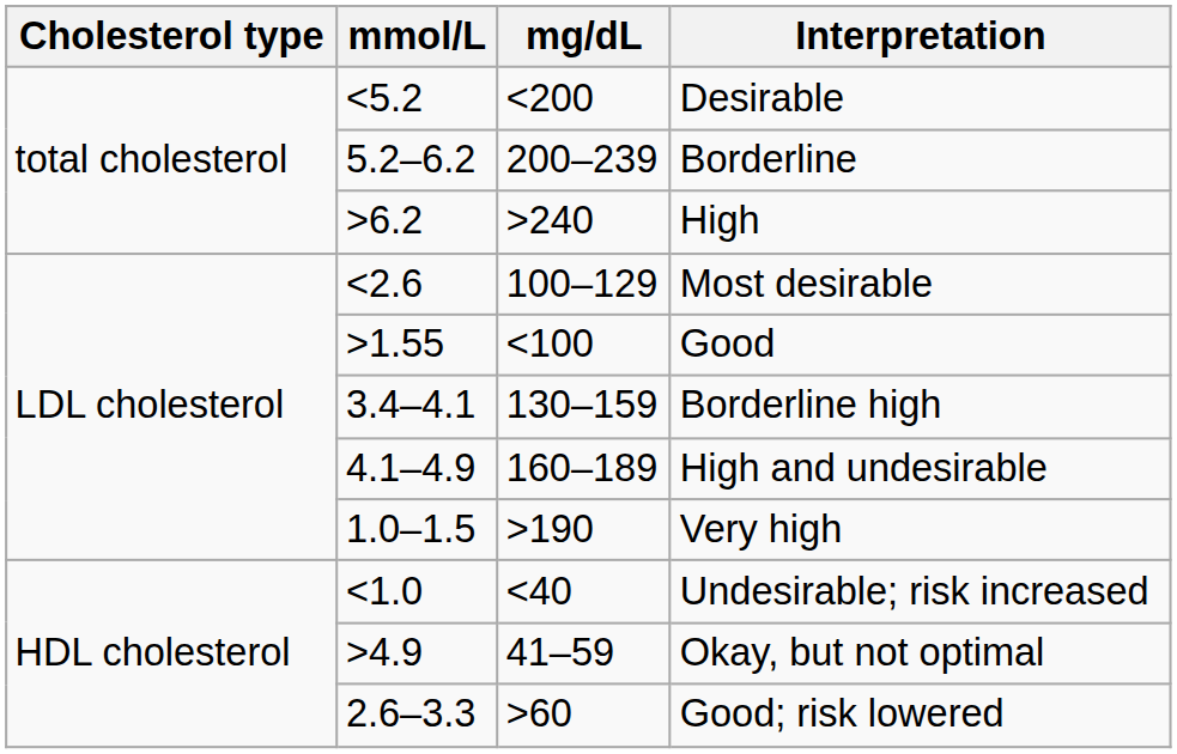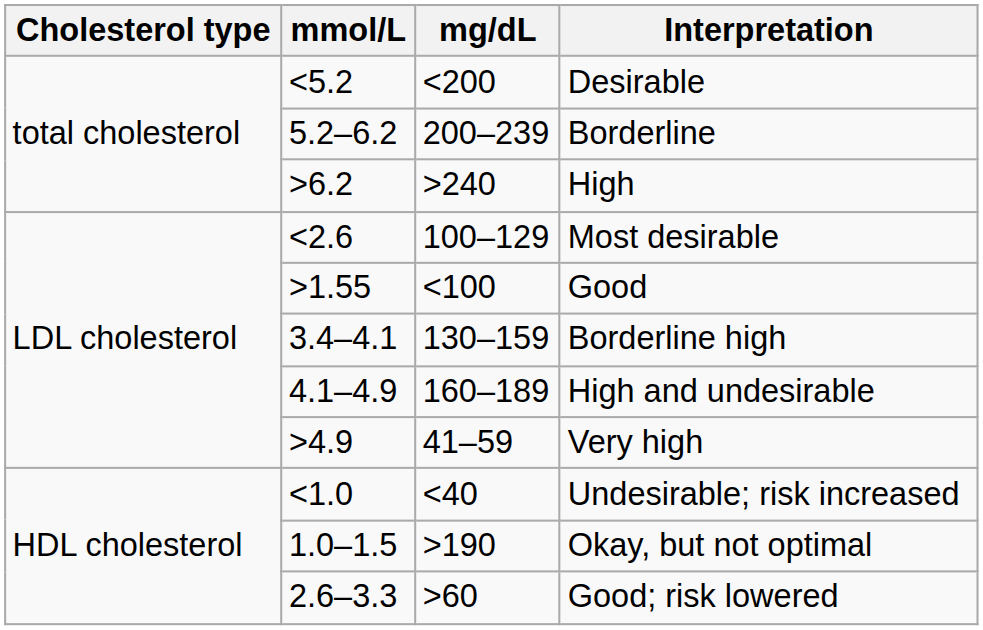 <table class="wikitable" style="float:right; width:30em; border:solid 1px #999999; margin:0 0 1em 1em;">
 <tr>
 <th>Cholesterol type</th>
 <th>mmol/L</th>
 <th>mg/dL</th>
 <th>Interpretation</th>
 </tr>
 <tr>
 <td rowspan="3">total cholesterol</td>
 <td><5.2</td>
 <td><200</td>
 <td>Desirable</td>
 </tr>
 <tr>
 <td>5.2–6.2</td>
 <td>200–239</td>
 <td>Borderline</td>
 </tr>
 <tr>
 <td>>6.2</td>
 <td>>240</td>
 <td>High</td>
 </tr>
 <tr>
 <td rowspan="5">LDL cholesterol</td>
 <td><2.6</td>
 <td>100–129</td>
 <td>Most desirable</td>
 </tr>
 <tr>
 <td>>1.55</td>
 <td><100</td>
 <td>Good</td>
 </tr>
 <tr>
 <td>3.4–4.1</td>
 <td>130–159</td>
 <td>Borderline high</td>
 </tr>
 <tr>
 <td>4.1–4.9</td>
 <td>160–189</td>
 <td>High and undesirable</td>
 </tr>
 <tr>
-<td>1.0–1.5</td>
-<td>>190</td>
+<td>>4.9</td>
+<td>41–59</td>
 <td>Very high</td>
 </tr>
 <tr>
 <td rowspan="3">HDL cholesterol</td>
 <td><1.0</td>
 <td><40</td>
 <td>Undesirable; risk increased</td>
 </tr>
 <tr>
-<td>>4.9</td>
-<td>41–59</td>
+<td>1.0–1.5</td>
+<td>>190</td>
 <td>Okay, but not optimal</td>
 </tr>
 <tr>
 <td>2.6–3.3</td>
 <td>>60</td>
 <td>Good; risk lowered</td>
 </tr>
 </table>
